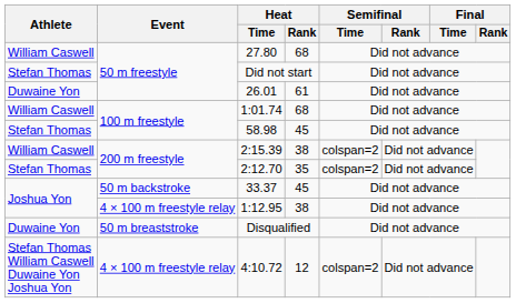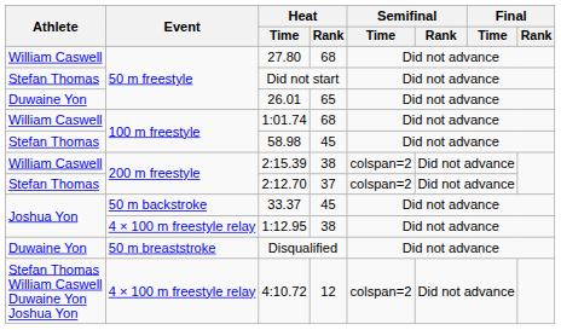 <table class=wikitable style=font-size:90%>
 <tr>
 <th rowspan=2>Athlete</th>
 <th rowspan=2>Event</th>
 <th colspan=2>Heat</th>
 <th colspan=2>Semifinal</th>
 <th colspan=2>Final</th>
 </tr>
 <tr style=font-size:95%>
 <th>Time</th>
 <th>Rank</th>
 <th>Time</th>
 <th>Rank</th>
 <th>Time</th>
 <th>Rank</th>
 </tr>
 <tr align=center>
 <td align=left><a href='#'>William Caswell</a></td>
 <td align=left rowspan="3"><a href='#'>50 m freestyle</a></td>
 <td>27.80</td>
 <td>68</td>
 <td colspan=4>Did not advance</td>
 </tr>
 <tr align=center>
 <td align=left><a href='#'>Stefan Thomas</a></td>
 <td colspan=2>Did not start</td>
 <td colspan=4>Did not advance</td>
 </tr>
 <tr align=center>
 <td align=left><a href='#'>Duwaine Yon</a></td>
 <td>26.01</td>
-<td>61</td>
+<td>65</td>
 <td colspan=4>Did not advance</td>
 </tr>
 <tr align=center>
 <td align=left><a href='#'>William Caswell</a></td>
 <td align=left rowspan="2"><a href='#'>100 m freestyle</a></td>
 <td>1:01.74</td>
 <td>68</td>
 <td colspan=4>Did not advance</td>
 </tr>
 <tr align=center>
 <td align=left><a href='#'>Stefan Thomas</a></td>
 <td>58.98</td>
 <td>45</td>
 <td colspan=4>Did not advance</td>
 </tr>
 <tr align=center>
 <td align=left><a href='#'>William Caswell</a></td>
 <td align=left rowspan="2"><a href='#'>200 m freestyle</a></td>
 <td>2:15.39</td>
 <td>38</td>
 <td>colspan=2 </td>
 <td colspan=2>Did not advance</td>
 </tr>
 <tr align=center>
 <td align=left><a href='#'>Stefan Thomas</a></td>
 <td>2:12.70</td>
-<td>35</td>
+<td>37</td>
 <td>colspan=2 </td>
 <td colspan=2>Did not advance</td>
 </tr>
 <tr align=center>
 <td align=left rowspan=2><a href='#'>Joshua Yon</a></td>
 <td style="text-align:left;"><a href='#'>50 m backstroke</a></td>
 <td>33.37</td>
 <td>45</td>
 <td colspan=4>Did not advance</td>
 </tr>
 <tr align=center>
 <td align=left><a href='#'>4 × 100 m freestyle relay</a></td>
 <td>1:12.95</td>
 <td>38</td>
 <td colspan=4>Did not advance</td>
 </tr>
 <tr align=center>
 <td align=left><a href='#'>Duwaine Yon</a></td>
 <td align=left><a href='#'>50 m breaststroke</a></td>
 <td colspan=2>Disqualified</td>
 <td colspan=4>Did not advance</td>
 </tr>
 <tr align=center>
 <td align=left><a href='#'>Stefan Thomas</a><br><a href='#'>William Caswell</a><br><a href='#'>Duwaine Yon</a><br><a href='#'>Joshua Yon</a></td>
 <td align=left><a href='#'>4 × 100 m freestyle relay</a></td>
 <td>4:10.72</td>
 <td>12</td>
 <td>colspan=2 </td>
 <td colspan=2>Did not advance</td>
 </tr>
 </table>
